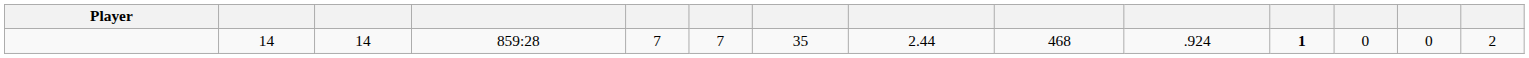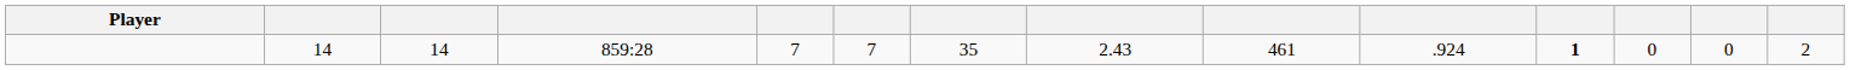 <table class="wikitable sortable" style="width:100%;">
 <tr style="text-align:center; background:#ddd;">
 <th>Player</th>
 <th></th>
 <th></th>
 <th></th>
 <th></th>
 <th></th>
 <th></th>
 <th></th>
 <th></th>
 <th></th>
 <th></th>
 <th></th>
 <th></th>
 <th></th>
 </tr>
 <tr align=center>
 <td></td>
 <td>14</td>
 <td>14</td>
 <td>859:28</td>
 <td>7</td>
 <td>7</td>
 <td>35</td>
-<td>2.44</td>
-<td>468</td>
+<td>2.43</td>
+<td>461</td>
 <td>.924</td>
 <td><strong>1</strong></td>
 <td>0</td>
 <td>0</td>
 <td>2</td>
 </tr>
 </table>
